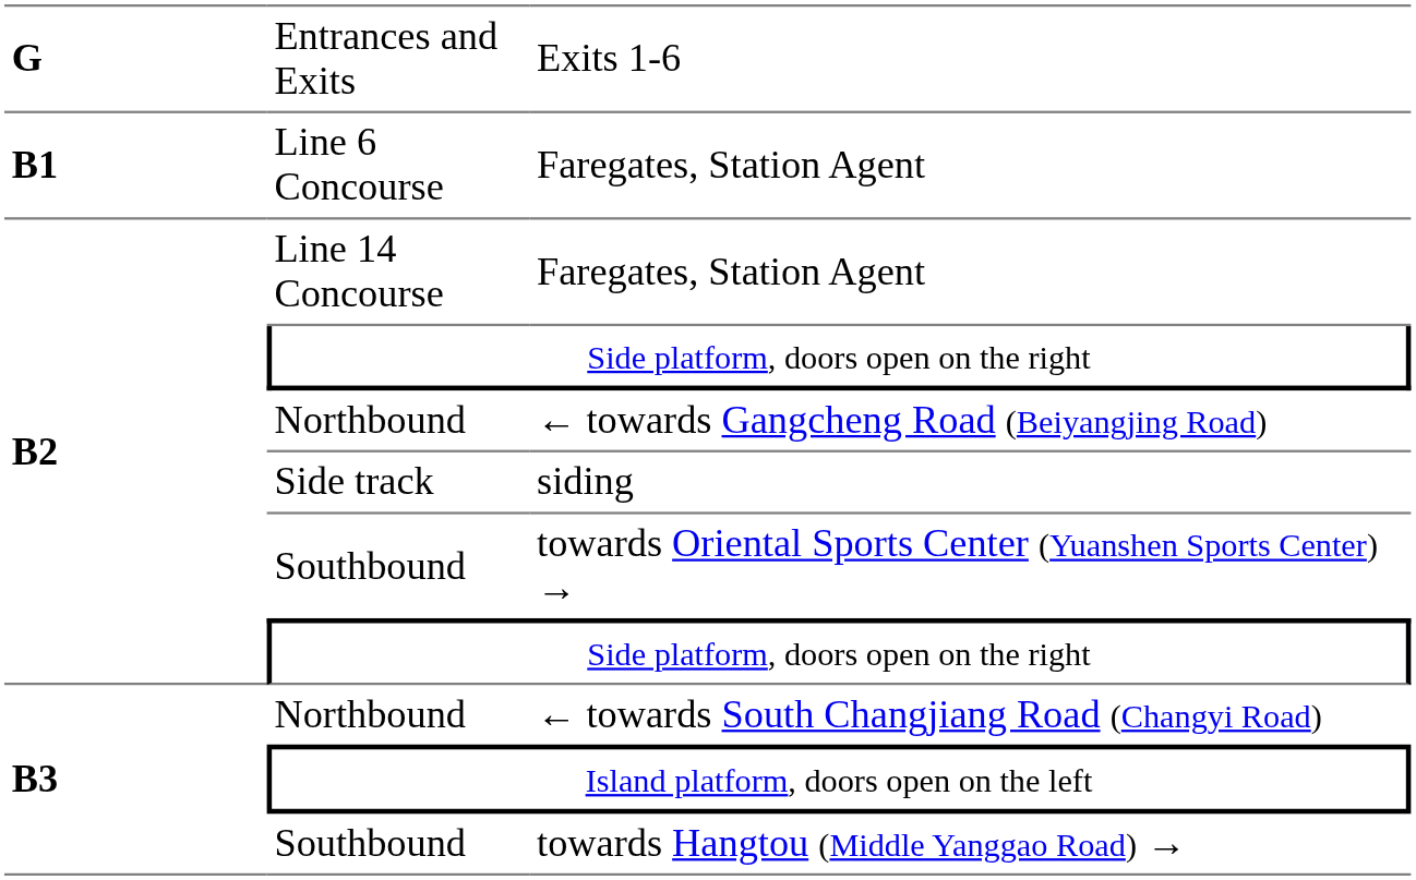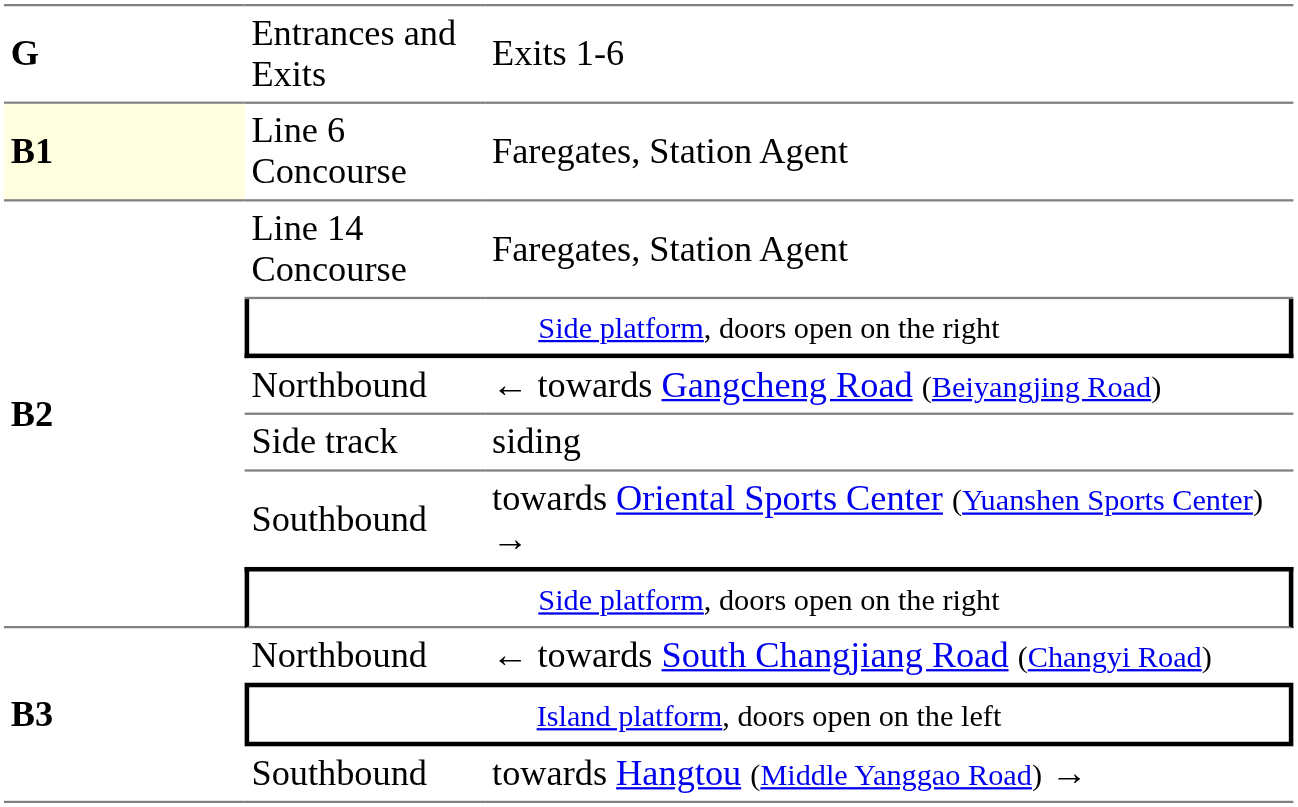 <table cellspacing=0 cellpadding=3>
 <tr>
 <td style="border-top:solid 1px gray;border-bottom:solid 1px gray;" width=100><strong>G</strong></td>
 <td style="border-top:solid 1px gray;border-bottom:solid 1px gray;" width=100>Entrances and Exits</td>
 <td style="border-top:solid 1px gray;border-bottom:solid 1px gray;" width=350>Exits 1-6</td>
 </tr>
 <tr>
-<td style="border-bottom:solid 1px gray;"><strong>B1</strong></td>
+<td style="background: lightyellow; border-bottom:solid 1px gray;"><strong>B1</strong></td>
 <td style="border-bottom:solid 1px gray;">Line 6 Concourse</td>
 <td style="border-bottom:solid 1px gray;">Faregates, Station Agent</td>
 </tr>
 <tr>
 <td style="border-bottom:solid 1px gray;" rowspan=6><strong>B2</strong></td>
 <td style="border-bottom:solid 1px gray;">Line 14 Concourse</td>
 <td style="border-bottom:solid 1px gray;">Faregates, Station Agent</td>
 </tr>
 <tr>
 <td style="border-right:solid 2px black;border-left:solid 2px black;border-bottom:solid 2px black;text-align:center;" colspan=2><small><a href='#'>Side platform</a>, doors open on the right</small></td>
 </tr>
 <tr>
 <td style="border-bottom:solid 1px gray;">Northbound</td>
 <td style="border-bottom:solid 1px gray;">←  towards <a href='#'>Gangcheng Road</a> <small>(<a href='#'>Beiyangjing Road</a>)</small></td>
 </tr>
 <tr>
 <td style="border-bottom:solid 1px gray;">Side track</td>
 <td style="border-bottom:solid 1px gray;">  siding</td>
 </tr>
 <tr>
 <td>Southbound</td>
 <td>  towards <a href='#'>Oriental Sports Center</a> <small>(<a href='#'>Yuanshen Sports Center</a>)</small> →</td>
 </tr>
 <tr>
 <td style="border-top:solid 2px black;border-right:solid 2px black;border-left:solid 2px black;border-bottom:solid 1px gray;text-align:center;" colspan=2><small><a href='#'>Side platform</a>, doors open on the right</small></td>
 </tr>
 <tr>
 <td style="border-bottom:solid 1px gray;" rowspan=3><strong>B3</strong></td>
 <td>Northbound</td>
 <td>←  towards <a href='#'>South Changjiang Road</a> <small>(<a href='#'>Changyi Road</a>)</small></td>
 </tr>
 <tr>
 <td style="border-right:solid 2px black;border-left:solid 2px black;border-top:solid 2px black;border-bottom:solid 2px black;text-align:center;" colspan=2><small><a href='#'>Island platform</a>, doors open on the left</small></td>
 </tr>
 <tr>
 <td style="border-bottom:solid 1px gray;">Southbound</td>
 <td style="border-bottom:solid 1px gray;">  towards <a href='#'>Hangtou</a> <small>(<a href='#'>Middle Yanggao Road</a>)</small> →</td>
 </tr>
 </table>
